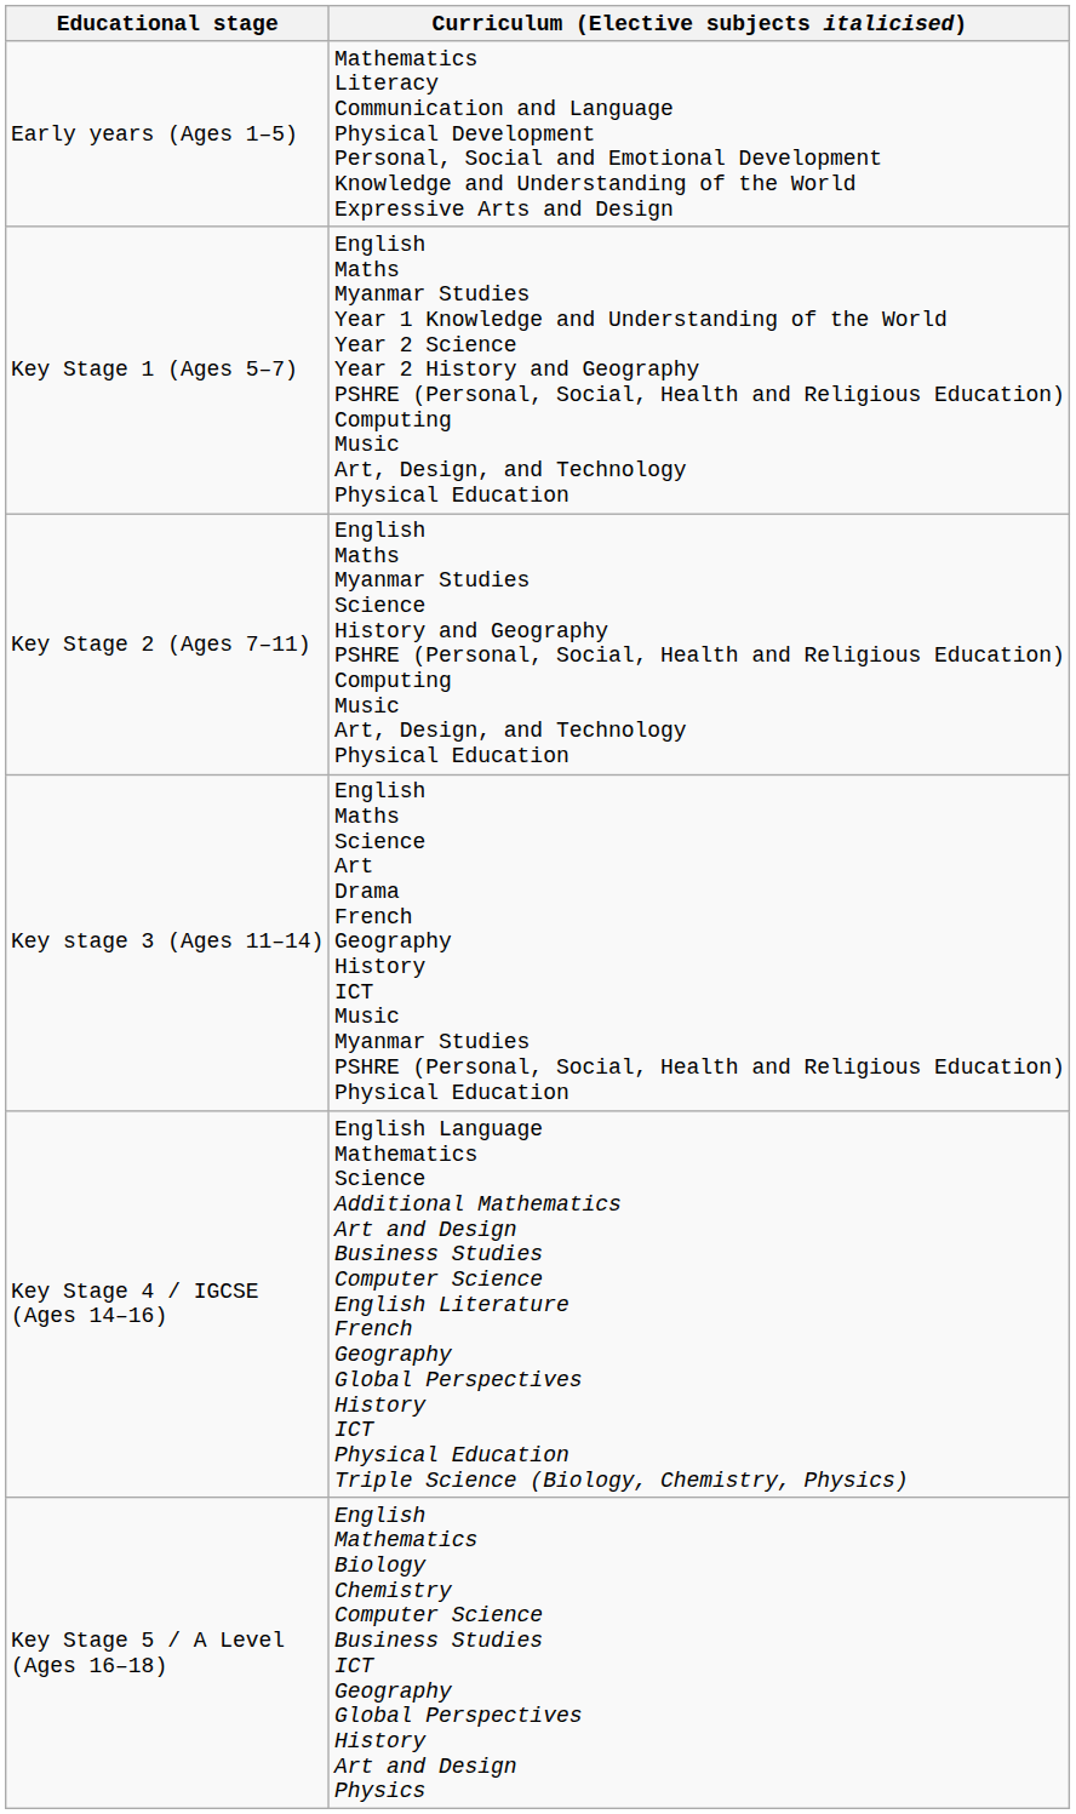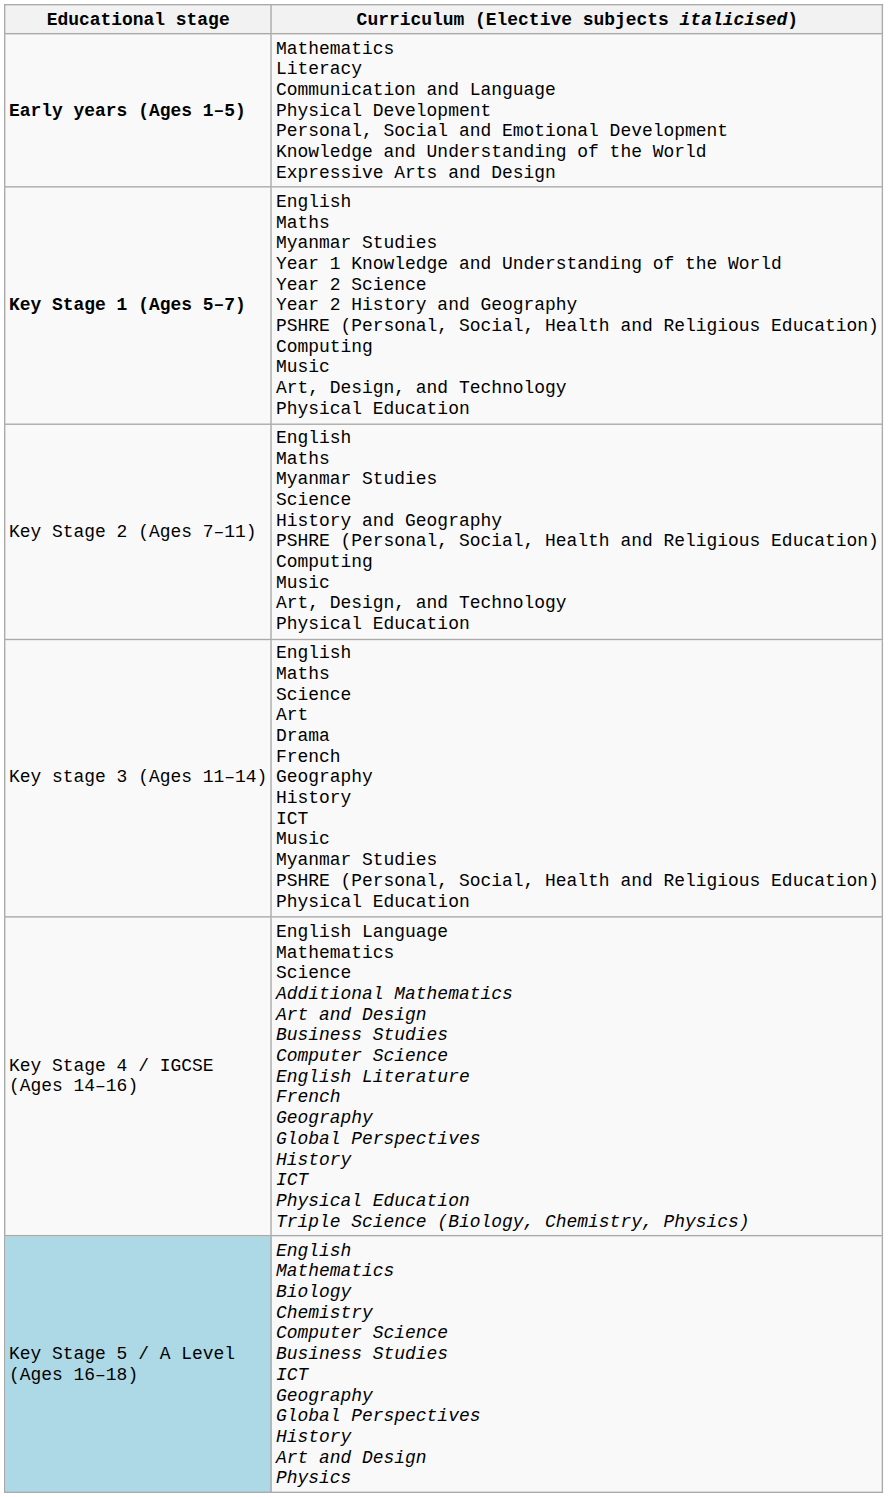 <table class="wikitable">
 <tr>
 <th>Educational stage</th>
 <th><strong>Curriculum (Elective subjects <em>italicised</em>)</strong></th>
 </tr>
 <tr>
-<td>Early years (Ages 1–5)</td>
+<td><strong>Early years (Ages 1–5)</strong></td>
 <td>Mathematics<br>Literacy<br>Communication and Language<br>Physical Development<br>Personal, Social and Emotional Development<br>Knowledge and Understanding of the World<br>Expressive Arts and Design</td>
 </tr>
 <tr>
-<td>Key Stage 1 (Ages 5–7)</td>
+<td><strong>Key Stage 1 (Ages 5–7)</strong></td>
 <td>English<br>Maths<br>Myanmar Studies<br>Year 1 Knowledge and Understanding of the World<br>Year 2 Science<br>Year 2 History and Geography<br>PSHRE (Personal, Social, Health and Religious Education)<br>Computing<br>Music<br>Art, Design, and Technology<br>Physical Education</td>
 </tr>
 <tr>
 <td>Key Stage 2 (Ages 7–11)</td>
 <td>English<br>Maths<br>Myanmar Studies<br>Science<br>History and Geography<br>PSHRE (Personal, Social, Health and Religious Education)<br>Computing<br>Music<br>Art, Design, and Technology<br>Physical Education</td>
 </tr>
 <tr>
 <td>Key stage 3 (Ages 11–14)</td>
 <td>English<br>Maths<br>Science<br>Art<br>Drama<br>French<br>Geography<br>History<br>ICT<br>Music<br>Myanmar Studies<br>PSHRE (Personal, Social, Health and Religious Education)<br>Physical Education</td>
 </tr>
 <tr>
 <td>Key Stage 4 / IGCSE<br>(Ages 14–16)</td>
 <td>English Language<br>Mathematics<br>Science<br><em>Additional Mathematics</em><br><em>Art and Design</em><br><em>Business Studies</em><br><em>Computer Science</em><br><em>English Literature</em><br><em>French</em><br><em>Geography</em><br><em>Global Perspectives</em><br><em>History</em><br><em>ICT</em><br><em>Physical Education</em><br><em>Triple Science (Biology, Chemistry, Physics)</em></td>
 </tr>
 <tr>
-<td>Key Stage 5 / A Level<br>(Ages 16–18)</td>
+<td style="background: lightblue;">Key Stage 5 / A Level<br>(Ages 16–18)</td>
 <td><em>English</em><br><em>Mathematics</em><br><em>Biology</em><br><em>Chemistry</em><br><em>Computer Science</em><br><em>Business Studies</em><br><em>ICT</em><br><em>Geography</em><br><em>Global Perspectives</em><br><em>History</em><br><em>Art and Design</em><br><em>Physics</em></td>
 </tr>
 </table>
